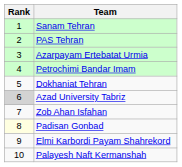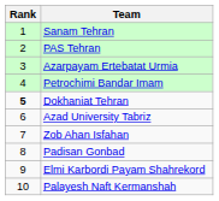 <table class="wikitable" style="text-align:center; font-size:90%">
 <tr>
 <th width=40>Rank</th>
 <th width=220>Team</th>
 </tr>
 <tr bgcolor=ccffcc>
 <td>1</td>
 <td align="left"><a href='#'>Sanam Tehran</a></td>
 </tr>
 <tr bgcolor=CCFFCC>
 <td>2</td>
 <td align="left"><a href='#'>PAS Tehran</a></td>
 </tr>
 <tr bgcolor=CCFFCC>
 <td>3</td>
 <td align="left"><a href='#'>Azarpayam Ertebatat Urmia</a></td>
 </tr>
 <tr bgcolor=CCFFCC>
 <td>4</td>
 <td align="left"><a href='#'>Petrochimi Bandar Imam</a></td>
 </tr>
 <tr>
-<td>5</td>
+<td><strong>5</strong></td>
 <td align="left"><a href='#'>Dokhaniat Tehran</a></td>
 </tr>
 <tr>
-<td style="background: lightgrey;">6</td>
+<td>6</td>
 <td align="left"><a href='#'>Azad University Tabriz</a></td>
 </tr>
 <tr>
 <td>7</td>
 <td align="left"><a href='#'>Zob Ahan Isfahan</a></td>
 </tr>
 <tr>
-<td style="background: lightyellow;">8</td>
+<td>8</td>
 <td align="left"><a href='#'>Padisan Gonbad</a></td>
 </tr>
 <tr>
 <td>9</td>
 <td align="left"><a href='#'>Elmi Karbordi Payam Shahrekord</a></td>
 </tr>
 <tr>
 <td>10</td>
 <td align="left"><a href='#'>Palayesh Naft Kermanshah</a></td>
 </tr>
 </table>
